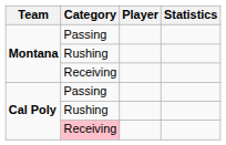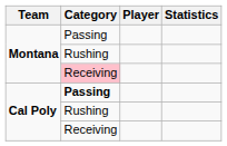 <table class="wikitable" style="float: right;">
 <tr>
 <th>Team</th>
 <th>Category</th>
 <th>Player</th>
 <th>Statistics</th>
 </tr>
 <tr>
 <td rowspan=3><strong>Montana</strong></td>
 <td>Passing</td>
 <td></td>
 <td></td>
 </tr>
 <tr>
 <td>Rushing</td>
 <td></td>
 <td></td>
 </tr>
 <tr>
-<td>Receiving</td>
+<td style="background: pink;">Receiving</td>
 <td></td>
 <td></td>
 </tr>
 <tr>
 <td rowspan=3><strong>Cal Poly</strong></td>
-<td>Passing</td>
+<td><strong>Passing</strong></td>
 <td></td>
 <td></td>
 </tr>
 <tr>
 <td>Rushing</td>
 <td></td>
 <td></td>
 </tr>
 <tr>
-<td style="background: pink;">Receiving</td>
+<td>Receiving</td>
 <td></td>
 <td></td>
 </tr>
 </table>
